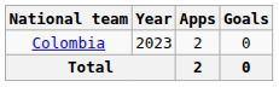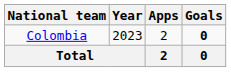 <table class="wikitable" style="text-align:center">
 <tr>
 <th>National team</th>
 <th>Year</th>
 <th>Apps</th>
 <th>Goals</th>
 </tr>
 <tr>
 <td rowspan="1"><a href='#'>Colombia</a></td>
 <td>2023</td>
 <td>2</td>
-<td>0</td>
+<td><strong>0</strong></td>
 </tr>
 <tr>
 <th colspan="2">Total</th>
 <th>2</th>
 <th>0</th>
 </tr>
 </table>
